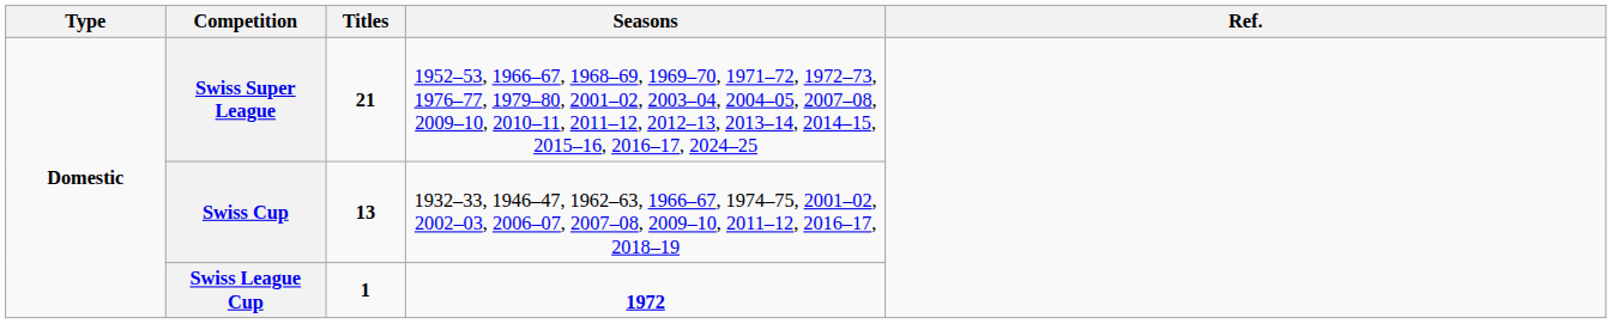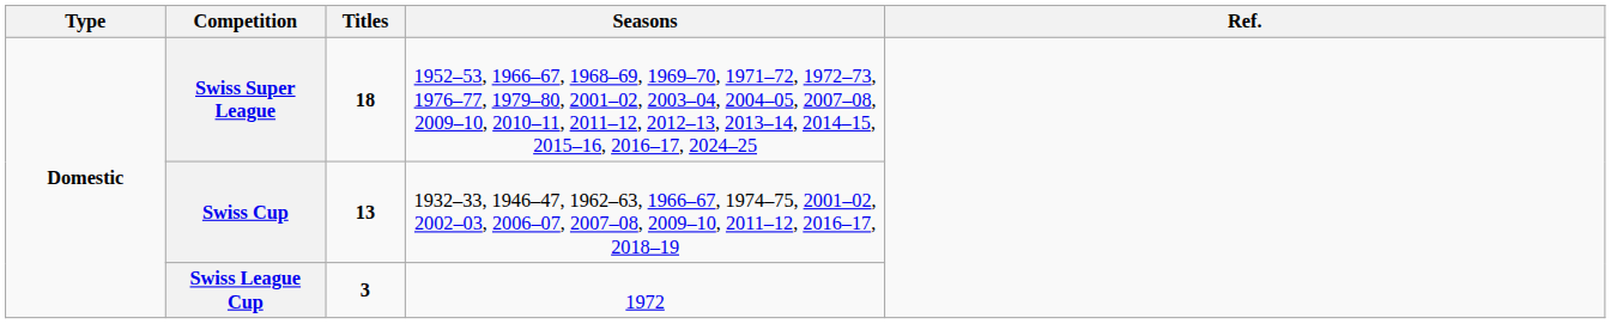 <table class="wikitable plainrowheaders" style="font-size:95%; text-align:center;">
 <tr>
 <th style="width: 10%;">Type</th>
 <th style="width: 10%;">Competition</th>
 <th style="width: 5%;">Titles</th>
 <th style="width: 30%;">Seasons</th>
 <th>Ref.</th>
 </tr>
 <tr>
 <td rowspan="3"><strong>Domestic</strong></td>
 <th scope=col><a href='#'>Swiss Super League</a></th>
-<td><strong>21</strong></td>
+<td><strong>18</strong></td>
 <td><br><a href='#'>1952–53</a>, <a href='#'>1966–67</a>, <a href='#'>1968–69</a>, <a href='#'>1969–70</a>, <a href='#'>1971–72</a>, <a href='#'>1972–73</a>, <a href='#'>1976–77</a>, <a href='#'>1979–80</a>, <a href='#'>2001–02</a>, <a href='#'>2003–04</a>,  <a href='#'>2004–05</a>,  <a href='#'>2007–08</a>,  <a href='#'>2009–10</a>,  <a href='#'>2010–11</a>,  <a href='#'>2011–12</a>,  <a href='#'>2012–13</a>,  <a href='#'>2013–14</a>,  <a href='#'>2014–15</a>,  <a href='#'>2015–16</a>,  <a href='#'>2016–17</a>, <a href='#'>2024–25</a></td>
 <td rowspan="3"></td>
 </tr>
 <tr>
 <th scope="col"><a href='#'>Swiss Cup</a></th>
 <td><strong>13</strong></td>
 <td><br>1932–33,  1946–47,  1962–63,  <a href='#'>1966–67</a>,  1974–75,  <a href='#'>2001–02</a>, <a href='#'>2002–03</a>, <a href='#'>2006–07</a>, <a href='#'>2007–08</a>, <a href='#'>2009–10</a>, <a href='#'>2011–12</a>, <a href='#'>2016–17</a>, <a href='#'>2018–19</a></td>
 </tr>
 <tr>
 <th scope="col"><a href='#'>Swiss League Cup</a></th>
-<td><strong>1</strong></td>
-<td><strong><br><a href='#'>1972</a></strong></td>
+<td><strong>3</strong></td>
+<td><br><a href='#'>1972</a></td>
 </tr>
 </table>
